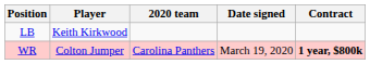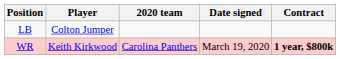 <table class="wikitable" style="text-align:center">
 <tr>
 <th>Position</th>
 <th>Player</th>
 <th>2020 team</th>
 <th>Date signed</th>
 <th>Contract</th>
 </tr>
 <tr>
 <td><a href='#'>LB</a></td>
-<td><a href='#'>Keith Kirkwood</a></td>
+<td><a href='#'>Colton Jumper</a></td>
 <td></td>
 <td></td>
 <td></td>
 </tr>
 <tr style="background:#fcc">
 <td><a href='#'>WR</a></td>
-<td><a href='#'>Colton Jumper</a></td>
+<td><a href='#'>Keith Kirkwood</a></td>
 <td><a href='#'>Carolina Panthers</a></td>
 <td>March 19, 2020</td>
 <td><strong>1 year, $800k</strong></td>
 </tr>
 </table>
